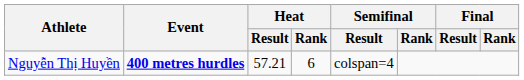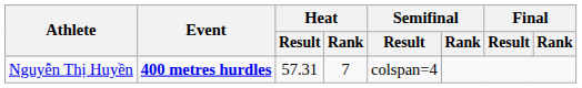 <table class="wikitable" style="font-size:90%">
 <tr>
 <th rowspan="2">Athlete</th>
 <th rowspan="2">Event</th>
 <th colspan="2">Heat</th>
 <th colspan="2">Semifinal</th>
 <th colspan="2">Final</th>
 </tr>
 <tr style="font-size:95%">
 <th>Result</th>
 <th>Rank</th>
 <th>Result</th>
 <th>Rank</th>
 <th>Result</th>
 <th>Rank</th>
 </tr>
 <tr style=text-align:center>
 <td style=text-align:left><a href='#'>Nguyễn Thị Huyền</a></td>
 <td style=text-align:left><strong><a href='#'>400 metres hurdles</a></strong></td>
-<td>57.21</td>
-<td>6</td>
+<td>57.31</td>
+<td>7</td>
 <td>colspan=4 </td>
 </tr>
 </table>
